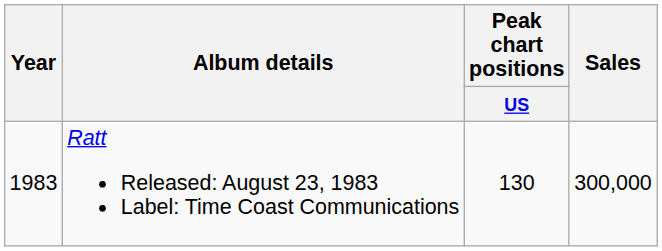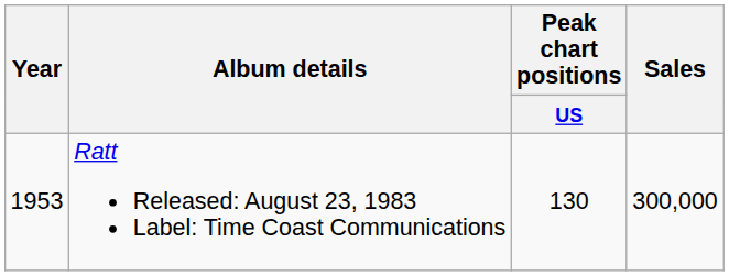 <table class="wikitable">
 <tr>
 <th rowspan=2>Year</th>
 <th rowspan=2>Album details</th>
 <th colspan=1>Peak chart positions</th>
 <th rowspan=2>Sales</th>
 </tr>
 <tr>
 <th style="width:2em"><small><a href='#'>US</a></small></th>
 </tr>
 <tr>
-<td>1983</td>
+<td>1953</td>
 <td><em><a href='#'>Ratt</a></em><br><ul><li>Released: August 23, 1983</li><li>Label: Time Coast Communications</li></ul></td>
 <td align="center">130</td>
 <td align="center">300,000</td>
 </tr>
 </table>
